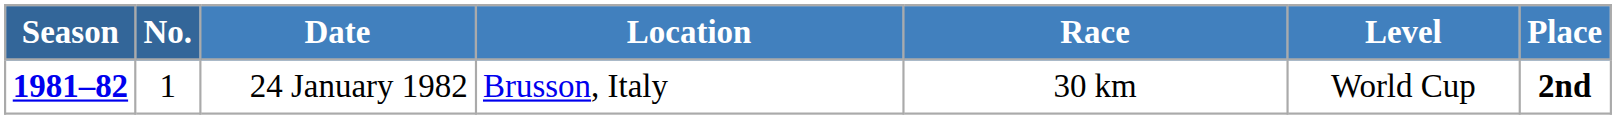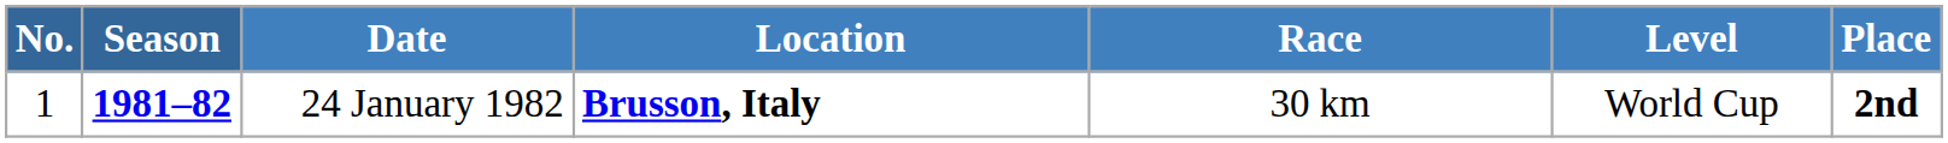 <table class="wikitable sortable" style="font-size:95%; text-align:center; border:grey solid 1px; border-collapse:collapse; background:#ffffff;">
 <tr style="background:#efefef;">
+<th style="background-color:#369; color:white;">No.</th>
 <th style="background-color:#369; color:white;">Season</th>
-<th style="background-color:#369; color:white;">No.</th>
 <th style="background-color:#4180be; color:white; width:120px;">Date</th>
 <th style="background-color:#4180be; color:white; width:190px;">Location</th>
 <th style="background-color:#4180be; color:white; width:170px;">Race</th>
 <th style="background-color:#4180be; color:white; width:100px;">Level</th>
 <th style="background-color:#4180be; color:white;">Place</th>
 </tr>
 <tr>
+<td align=center>1</td>
 <td rowspan=1 align=center><strong><a href='#'>1981–82</a></strong></td>
-<td align=center>1</td>
 <td align=right>24 January 1982</td>
-<td align=left> <a href='#'>Brusson</a>, Italy</td>
+<td align=left><strong> <a href='#'>Brusson</a>, Italy</strong></td>
 <td>30 km</td>
 <td>World Cup</td>
 <td><strong>2nd</strong></td>
 </tr>
 </table>
